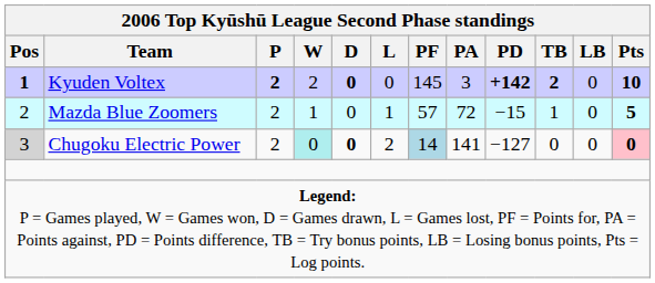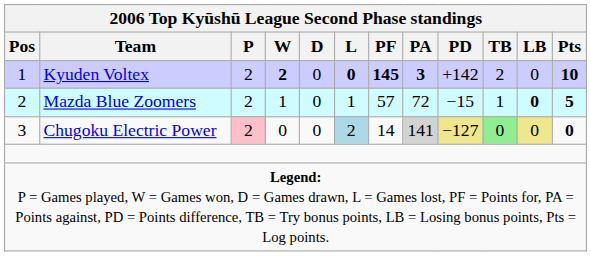 <table class="wikitable" style="text-align:center; font-size:100%; width:60%;">
 <tr>
 <th colspan="100%" cellpadding="0" cellspacing="0"><strong>2006 Top Kyūshū League Second Phase standings</strong></th>
 </tr>
 <tr>
 <th style="width:6%;">Pos</th>
 <th style="width:34%;">Team</th>
 <th style="width:6%;">P</th>
 <th style="width:6%;">W</th>
 <th style="width:6%;">D</th>
 <th style="width:6%;">L</th>
 <th style="width:6%;">PF</th>
 <th style="width:6%;">PA</th>
 <th style="width:6%;">PD</th>
 <th style="width:6%;">TB</th>
 <th style="width:6%;">LB</th>
 <th style="width:6%;">Pts<br></th>
 </tr>
 <tr style="background:#CCCCFF;">
-<td><strong>1</strong></td>
+<td>1</td>
 <td style="text-align:left;"><a href='#'>Kyuden Voltex</a></td>
+<td>2</td>
 <td><strong>2</strong></td>
+<td>0</td>
+<td><strong>0</strong></td>
+<td><strong>145</strong></td>
+<td><strong>3</strong></td>
+<td>+142</td>
 <td>2</td>
-<td><strong>0</strong></td>
-<td>0</td>
-<td>145</td>
-<td>3</td>
-<td><strong>+142</strong></td>
-<td><strong>2</strong></td>
 <td>0</td>
 <td><strong>10</strong></td>
 </tr>
 <tr style="background:#CFFCFF;">
 <td>2</td>
 <td style="text-align:left;"><a href='#'>Mazda Blue Zoomers</a></td>
 <td>2</td>
 <td>1</td>
 <td>0</td>
 <td>1</td>
 <td>57</td>
 <td>72</td>
 <td>−15</td>
 <td>1</td>
-<td>0</td>
+<td><strong>0</strong></td>
 <td><strong>5</strong></td>
 </tr>
 <tr>
-<td style="background: lightgrey;">3</td>
+<td>3</td>
 <td style="text-align:left;"><a href='#'>Chugoku Electric Power</a></td>
-<td>2</td>
-<td style="background: paleturquoise;">0</td>
-<td><strong>0</strong></td>
-<td>2</td>
-<td style="background: lightblue;">14</td>
-<td>141</td>
-<td>−127</td>
+<td style="background: pink;">2</td>
 <td>0</td>
 <td>0</td>
-<td style="background: pink;"><strong>0</strong></td>
+<td style="background: lightblue;">2</td>
+<td>14</td>
+<td style="background: lightgrey;">141</td>
+<td style="background: khaki;">−127</td>
+<td style="background: lightgreen;">0</td>
+<td style="background: khaki;">0</td>
+<td><strong>0</strong></td>
 </tr>
 <tr>
 <td colspan="100%" style="height:10px;"></td>
 </tr>
 <tr>
 <td colspan="100%"><small><strong>Legend:</strong> <br> P = Games played, W = Games won, D = Games drawn, L = Games lost, PF = Points for, PA = Points against, PD = Points difference, TB = Try bonus points, LB = Losing bonus points, Pts = Log points.</small></td>
 </tr>
 </table>
